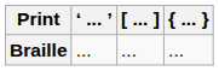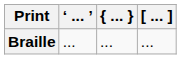 <table class="wikitable">
 <tr>
 <th>Print</th>
 <th>‘ ... ’</th>
+<th>{ ... }</th>
 <th>[ ... ]</th>
-<th>{ ... }</th>
 </tr>
 <tr>
 <th>Braille</th>
 <td>...</td>
 <td>...</td>
 <td>...</td>
 </tr>
 </table>
